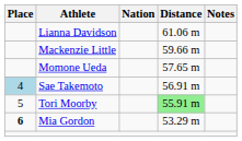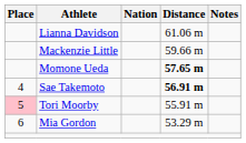 <table class="wikitable mw-datatable sortable" style="text-align:center;">
 <tr>
 <th scope="col">Place</th>
 <th scope="col">Athlete</th>
 <th scope="col">Nation</th>
 <th scope="col">Distance</th>
 <th scope="col">Notes</th>
 </tr>
 <tr>
 <td></td>
 <td align="left"><a href='#'>Lianna Davidson</a></td>
 <td align="left"></td>
 <td>61.06 m</td>
 <td></td>
 </tr>
 <tr>
 <td></td>
 <td align="left"><a href='#'>Mackenzie Little</a></td>
 <td align="left"></td>
 <td>59.66 m</td>
 <td></td>
 </tr>
 <tr>
 <td></td>
 <td align="left"><a href='#'>Momone Ueda</a></td>
 <td align="left"></td>
-<td>57.65 m</td>
+<td><strong>57.65 m</strong></td>
 <td></td>
 </tr>
 <tr>
-<td style="background: lightblue;">4</td>
+<td>4</td>
 <td align="left"><a href='#'>Sae Takemoto</a></td>
 <td align="left"></td>
-<td>56.91 m</td>
+<td><strong>56.91 m</strong></td>
 <td></td>
 </tr>
 <tr>
-<td>5</td>
+<td style="background: pink;">5</td>
 <td align="left"><a href='#'>Tori Moorby</a></td>
 <td align="left"></td>
-<td style="background: lightgreen;">55.91 m</td>
+<td>55.91 m</td>
 <td></td>
 </tr>
 <tr>
-<td><strong>6</strong></td>
+<td>6</td>
 <td align="left"><a href='#'>Mia Gordon</a></td>
 <td align="left"></td>
 <td>53.29 m</td>
 <td></td>
 </tr>
 <tr class="sortbottom">
 <td colspan="5"></td>
 </tr>
 </table>
